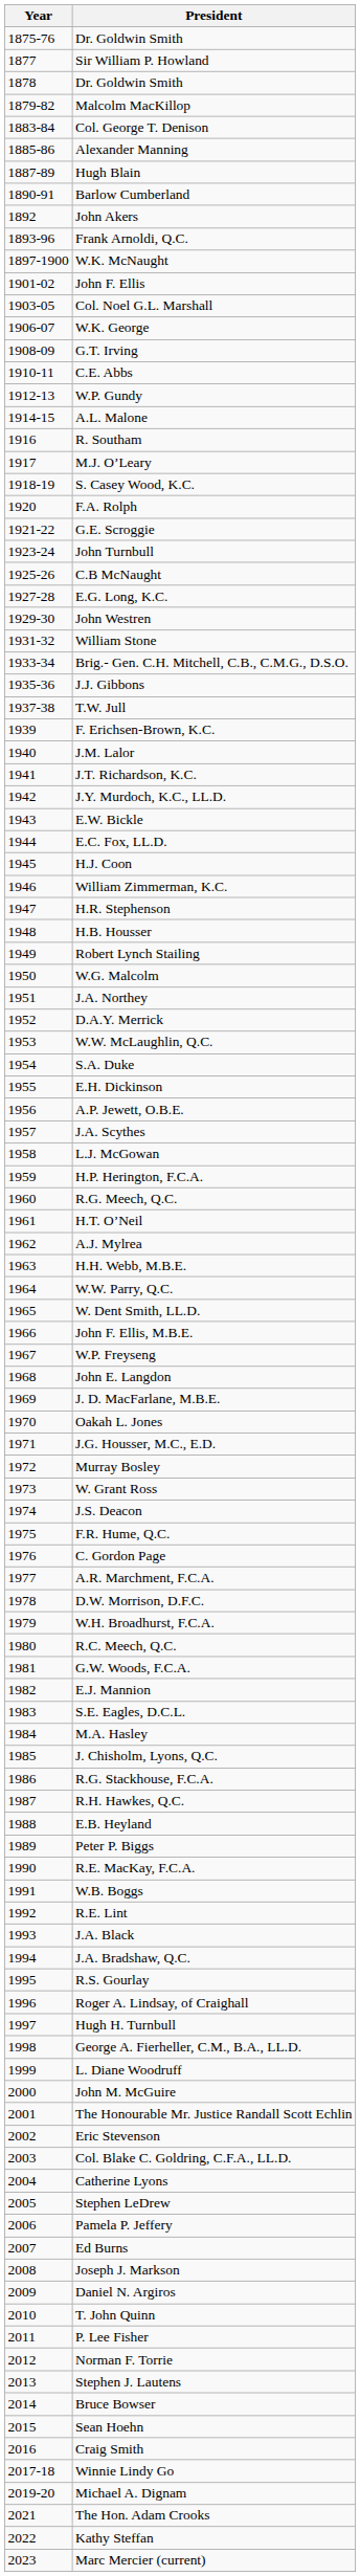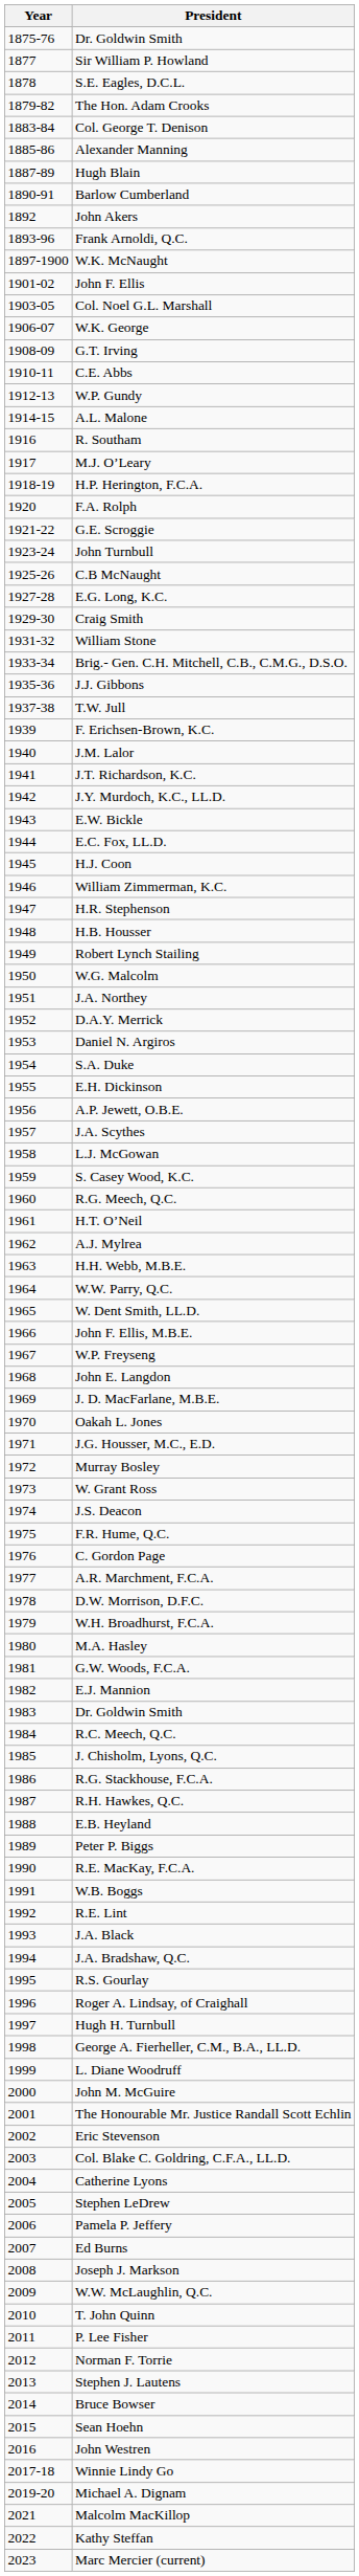 <table class="wikitable">
 <tr>
 <th>Year</th>
 <th>President</th>
 </tr>
 <tr>
 <td>1875-76</td>
 <td>Dr. Goldwin Smith</td>
 </tr>
 <tr>
 <td>1877</td>
 <td>Sir William P. Howland</td>
 </tr>
 <tr>
 <td>1878</td>
-<td>Dr. Goldwin Smith</td>
+<td>S.E. Eagles, D.C.L.</td>
 </tr>
 <tr>
 <td>1879-82</td>
-<td>Malcolm MacKillop</td>
+<td>The Hon. Adam Crooks</td>
 </tr>
 <tr>
 <td>1883-84</td>
 <td>Col. George T. Denison</td>
 </tr>
 <tr>
 <td>1885-86</td>
 <td>Alexander Manning</td>
 </tr>
 <tr>
 <td>1887-89</td>
 <td>Hugh Blain</td>
 </tr>
 <tr>
 <td>1890-91</td>
 <td>Barlow Cumberland</td>
 </tr>
 <tr>
 <td>1892</td>
 <td>John Akers</td>
 </tr>
 <tr>
 <td>1893-96</td>
 <td>Frank Arnoldi, Q.C.</td>
 </tr>
 <tr>
 <td>1897-1900</td>
 <td>W.K. McNaught</td>
 </tr>
 <tr>
 <td>1901-02</td>
 <td>John F. Ellis</td>
 </tr>
 <tr>
 <td>1903-05</td>
 <td>Col. Noel G.L. Marshall</td>
 </tr>
 <tr>
 <td>1906-07</td>
 <td>W.K. George</td>
 </tr>
 <tr>
 <td>1908-09</td>
 <td>G.T. Irving</td>
 </tr>
 <tr>
 <td>1910-11</td>
 <td>C.E. Abbs</td>
 </tr>
 <tr>
 <td>1912-13</td>
 <td>W.P. Gundy</td>
 </tr>
 <tr>
 <td>1914-15</td>
 <td>A.L. Malone</td>
 </tr>
 <tr>
 <td>1916</td>
 <td>R. Southam</td>
 </tr>
 <tr>
 <td>1917</td>
 <td>M.J. O’Leary</td>
 </tr>
 <tr>
 <td>1918-19</td>
-<td>S. Casey Wood, K.C.</td>
+<td>H.P. Herington, F.C.A.</td>
 </tr>
 <tr>
 <td>1920</td>
 <td>F.A. Rolph</td>
 </tr>
 <tr>
 <td>1921-22</td>
 <td>G.E. Scroggie</td>
 </tr>
 <tr>
 <td>1923-24</td>
 <td>John Turnbull</td>
 </tr>
 <tr>
 <td>1925-26</td>
 <td>C.B McNaught</td>
 </tr>
 <tr>
 <td>1927-28</td>
 <td>E.G. Long, K.C.</td>
 </tr>
 <tr>
 <td>1929-30</td>
-<td>John Westren</td>
+<td>Craig Smith</td>
 </tr>
 <tr>
 <td>1931-32</td>
 <td>William Stone</td>
 </tr>
 <tr>
 <td>1933-34</td>
 <td>Brig.- Gen. C.H. Mitchell, C.B., C.M.G., D.S.O.</td>
 </tr>
 <tr>
 <td>1935-36</td>
 <td>J.J. Gibbons</td>
 </tr>
 <tr>
 <td>1937-38</td>
 <td>T.W. Jull</td>
 </tr>
 <tr>
 <td>1939</td>
 <td>F. Erichsen-Brown, K.C.</td>
 </tr>
 <tr>
 <td>1940</td>
 <td>J.M. Lalor</td>
 </tr>
 <tr>
 <td>1941</td>
 <td>J.T. Richardson, K.C.</td>
 </tr>
 <tr>
 <td>1942</td>
 <td>J.Y. Murdoch, K.C., LL.D.</td>
 </tr>
 <tr>
 <td>1943</td>
 <td>E.W. Bickle</td>
 </tr>
 <tr>
 <td>1944</td>
 <td>E.C. Fox, LL.D.</td>
 </tr>
 <tr>
 <td>1945</td>
 <td>H.J. Coon</td>
 </tr>
 <tr>
 <td>1946</td>
 <td>William Zimmerman, K.C.</td>
 </tr>
 <tr>
 <td>1947</td>
 <td>H.R. Stephenson</td>
 </tr>
 <tr>
 <td>1948</td>
 <td>H.B. Housser</td>
 </tr>
 <tr>
 <td>1949</td>
 <td>Robert Lynch Stailing</td>
 </tr>
 <tr>
 <td>1950</td>
 <td>W.G. Malcolm</td>
 </tr>
 <tr>
 <td>1951</td>
 <td>J.A. Northey</td>
 </tr>
 <tr>
 <td>1952</td>
 <td>D.A.Y. Merrick</td>
 </tr>
 <tr>
 <td>1953</td>
-<td>W.W. McLaughlin, Q.C.</td>
+<td>Daniel N. Argiros</td>
 </tr>
 <tr>
 <td>1954</td>
 <td>S.A. Duke</td>
 </tr>
 <tr>
 <td>1955</td>
 <td>E.H. Dickinson</td>
 </tr>
 <tr>
 <td>1956</td>
 <td>A.P. Jewett, O.B.E.</td>
 </tr>
 <tr>
 <td>1957</td>
 <td>J.A. Scythes</td>
 </tr>
 <tr>
 <td>1958</td>
 <td>L.J. McGowan</td>
 </tr>
 <tr>
 <td>1959</td>
-<td>H.P. Herington, F.C.A.</td>
+<td>S. Casey Wood, K.C.</td>
 </tr>
 <tr>
 <td>1960</td>
 <td>R.G. Meech, Q.C.</td>
 </tr>
 <tr>
 <td>1961</td>
 <td>H.T. O’Neil</td>
 </tr>
 <tr>
 <td>1962</td>
 <td>A.J. Mylrea</td>
 </tr>
 <tr>
 <td>1963</td>
 <td>H.H. Webb, M.B.E.</td>
 </tr>
 <tr>
 <td>1964</td>
 <td>W.W. Parry, Q.C.</td>
 </tr>
 <tr>
 <td>1965</td>
 <td>W. Dent Smith, LL.D.</td>
 </tr>
 <tr>
 <td>1966</td>
 <td>John F. Ellis, M.B.E.</td>
 </tr>
 <tr>
 <td>1967</td>
 <td>W.P. Freyseng</td>
 </tr>
 <tr>
 <td>1968</td>
 <td>John E. Langdon</td>
 </tr>
 <tr>
 <td>1969</td>
 <td>J. D. MacFarlane, M.B.E.</td>
 </tr>
 <tr>
 <td>1970</td>
 <td>Oakah L. Jones</td>
 </tr>
 <tr>
 <td>1971</td>
 <td>J.G. Housser, M.C., E.D.</td>
 </tr>
 <tr>
 <td>1972</td>
 <td>Murray Bosley</td>
 </tr>
 <tr>
 <td>1973</td>
 <td>W. Grant Ross</td>
 </tr>
 <tr>
 <td>1974</td>
 <td>J.S. Deacon</td>
 </tr>
 <tr>
 <td>1975</td>
 <td>F.R. Hume, Q.C.</td>
 </tr>
 <tr>
 <td>1976</td>
 <td>C. Gordon Page</td>
 </tr>
 <tr>
 <td>1977</td>
 <td>A.R. Marchment, F.C.A.</td>
 </tr>
 <tr>
 <td>1978</td>
 <td>D.W. Morrison, D.F.C.</td>
 </tr>
 <tr>
 <td>1979</td>
 <td>W.H. Broadhurst, F.C.A.</td>
 </tr>
 <tr>
 <td>1980</td>
-<td>R.C. Meech, Q.C.</td>
+<td>M.A. Hasley</td>
 </tr>
 <tr>
 <td>1981</td>
 <td>G.W. Woods, F.C.A.</td>
 </tr>
 <tr>
 <td>1982</td>
 <td>E.J. Mannion</td>
 </tr>
 <tr>
 <td>1983</td>
-<td>S.E. Eagles, D.C.L.</td>
+<td>Dr. Goldwin Smith</td>
 </tr>
 <tr>
 <td>1984</td>
-<td>M.A. Hasley</td>
+<td>R.C. Meech, Q.C.</td>
 </tr>
 <tr>
 <td>1985</td>
 <td>J. Chisholm, Lyons, Q.C.</td>
 </tr>
 <tr>
 <td>1986</td>
 <td>R.G. Stackhouse, F.C.A.</td>
 </tr>
 <tr>
 <td>1987</td>
 <td>R.H. Hawkes, Q.C.</td>
 </tr>
 <tr>
 <td>1988</td>
 <td>E.B. Heyland</td>
 </tr>
 <tr>
 <td>1989</td>
 <td>Peter P. Biggs</td>
 </tr>
 <tr>
 <td>1990</td>
 <td>R.E. MacKay, F.C.A.</td>
 </tr>
 <tr>
 <td>1991</td>
 <td>W.B. Boggs</td>
 </tr>
 <tr>
 <td>1992</td>
 <td>R.E. Lint</td>
 </tr>
 <tr>
 <td>1993</td>
 <td>J.A. Black</td>
 </tr>
 <tr>
 <td>1994</td>
 <td>J.A. Bradshaw, Q.C.</td>
 </tr>
 <tr>
 <td>1995</td>
 <td>R.S. Gourlay</td>
 </tr>
 <tr>
 <td>1996</td>
 <td>Roger A. Lindsay, of Craighall</td>
 </tr>
 <tr>
 <td>1997</td>
 <td>Hugh H. Turnbull</td>
 </tr>
 <tr>
 <td>1998</td>
 <td>George A. Fierheller, C.M., B.A., LL.D.</td>
 </tr>
 <tr>
 <td>1999</td>
 <td>L. Diane Woodruff</td>
 </tr>
 <tr>
 <td>2000</td>
 <td>John M. McGuire</td>
 </tr>
 <tr>
 <td>2001</td>
 <td>The Honourable Mr. Justice Randall Scott Echlin</td>
 </tr>
 <tr>
 <td>2002</td>
 <td>Eric Stevenson</td>
 </tr>
 <tr>
 <td>2003</td>
 <td>Col. Blake C. Goldring, C.F.A., LL.D.</td>
 </tr>
 <tr>
 <td>2004</td>
 <td>Catherine Lyons</td>
 </tr>
 <tr>
 <td>2005</td>
 <td>Stephen LeDrew</td>
 </tr>
 <tr>
 <td>2006</td>
 <td>Pamela P. Jeffery</td>
 </tr>
 <tr>
 <td>2007</td>
 <td>Ed Burns</td>
 </tr>
 <tr>
 <td>2008</td>
 <td>Joseph J. Markson</td>
 </tr>
 <tr>
 <td>2009</td>
-<td>Daniel N. Argiros</td>
+<td>W.W. McLaughlin, Q.C.</td>
 </tr>
 <tr>
 <td>2010</td>
 <td>T. John Quinn</td>
 </tr>
 <tr>
 <td>2011</td>
 <td>P. Lee Fisher</td>
 </tr>
 <tr>
 <td>2012</td>
 <td>Norman F. Torrie</td>
 </tr>
 <tr>
 <td>2013</td>
 <td>Stephen J. Lautens</td>
 </tr>
 <tr>
 <td>2014</td>
 <td>Bruce Bowser</td>
 </tr>
 <tr>
 <td>2015</td>
 <td>Sean Hoehn</td>
 </tr>
 <tr>
 <td>2016</td>
-<td>Craig Smith</td>
+<td>John Westren</td>
 </tr>
 <tr>
 <td>2017-18</td>
 <td>Winnie Lindy Go</td>
 </tr>
 <tr>
 <td>2019-20</td>
 <td>Michael A. Dignam</td>
 </tr>
 <tr>
 <td>2021</td>
-<td>The Hon. Adam Crooks</td>
+<td>Malcolm MacKillop</td>
 </tr>
 <tr>
 <td>2022</td>
 <td>Kathy Steffan</td>
 </tr>
 <tr>
 <td>2023</td>
 <td>Marc Mercier (current)</td>
 </tr>
 </table>
